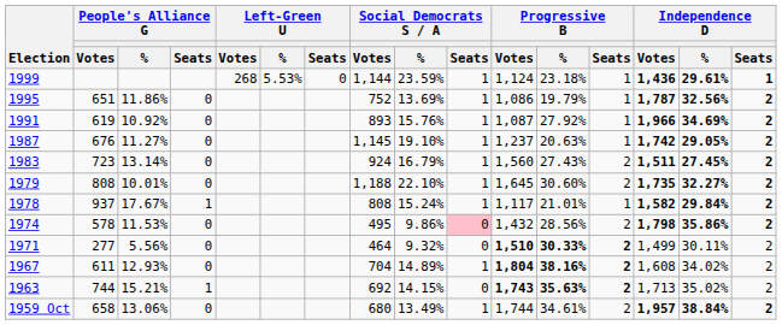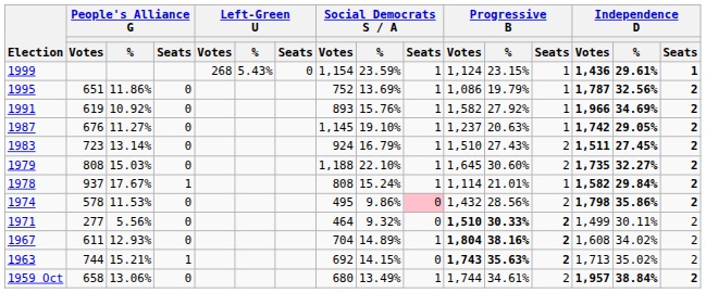 <table class="wikitable" border="1" style="font-size:100%; text-align:right;">
 <tr>
 <th style="text-align:left;" valign=bottom rowspan=3>Election</th>
 <th valign=bottom colspan=3><a href='#'>People's Alliance</a><br>G</th>
 <th valign=bottom colspan=3><a href='#'>Left-Green</a><br>U</th>
 <th valign=bottom colspan=3><a href='#'>Social Democrats</a><br>S / A</th>
 <th valign=bottom colspan=3><a href='#'>Progressive</a><br>B</th>
 <th valign=bottom colspan=3><a href='#'>Independence</a><br>D</th>
 </tr>
 <tr>
 <th colspan=3 style="background:"></th>
 <th colspan=3 style="background:"></th>
 <th colspan=3 style="background:"></th>
 <th colspan=3 style="background:"></th>
 <th colspan=3 style="background:"></th>
 </tr>
 <tr>
 <th>Votes</th>
 <th>%</th>
 <th>Seats</th>
 <th>Votes</th>
 <th>%</th>
 <th>Seats</th>
 <th>Votes</th>
 <th>%</th>
 <th>Seats</th>
 <th>Votes</th>
 <th>%</th>
 <th>Seats</th>
 <th>Votes</th>
 <th>%</th>
 <th>Seats</th>
 </tr>
 <tr>
 <td align=left><a href='#'>1999</a></td>
 <td></td>
 <td></td>
 <td></td>
 <td>268</td>
-<td>5.53%</td>
+<td>5.43%</td>
 <td>0</td>
-<td>1,144</td>
+<td>1,154</td>
 <td>23.59%</td>
 <td>1</td>
 <td>1,124</td>
-<td>23.18%</td>
+<td>23.15%</td>
 <td>1</td>
 <td><strong>1,436</strong></td>
 <td><strong>29.61%</strong></td>
 <td><strong>1</strong></td>
 </tr>
 <tr>
 <td align=left><a href='#'>1995</a></td>
 <td>651</td>
 <td>11.86%</td>
 <td>0</td>
 <td></td>
 <td></td>
 <td></td>
 <td>752</td>
 <td>13.69%</td>
 <td>1</td>
 <td>1,086</td>
 <td>19.79%</td>
 <td>1</td>
 <td><strong>1,787</strong></td>
 <td><strong>32.56%</strong></td>
 <td><strong>2</strong></td>
 </tr>
 <tr>
 <td align=left><a href='#'>1991</a></td>
 <td>619</td>
 <td>10.92%</td>
 <td>0</td>
 <td></td>
 <td></td>
 <td></td>
 <td>893</td>
 <td>15.76%</td>
 <td>1</td>
-<td>1,087</td>
+<td>1,582</td>
 <td>27.92%</td>
 <td>1</td>
 <td><strong>1,966</strong></td>
 <td><strong>34.69%</strong></td>
 <td><strong>2</strong></td>
 </tr>
 <tr>
 <td align=left><a href='#'>1987</a></td>
 <td>676</td>
 <td>11.27%</td>
 <td>0</td>
 <td></td>
 <td></td>
 <td></td>
 <td>1,145</td>
 <td>19.10%</td>
 <td>1</td>
 <td>1,237</td>
 <td>20.63%</td>
 <td>1</td>
 <td><strong>1,742</strong></td>
 <td><strong>29.05%</strong></td>
 <td><strong>2</strong></td>
 </tr>
 <tr>
 <td align=left><a href='#'>1983</a></td>
 <td>723</td>
 <td>13.14%</td>
 <td>0</td>
 <td></td>
 <td></td>
 <td></td>
 <td>924</td>
 <td>16.79%</td>
 <td>1</td>
-<td>1,560</td>
+<td>1,510</td>
 <td>27.43%</td>
 <td>2</td>
 <td><strong>1,511</strong></td>
 <td><strong>27.45%</strong></td>
 <td><strong>2</strong></td>
 </tr>
 <tr>
 <td align=left><a href='#'>1979</a></td>
 <td>808</td>
-<td>10.01%</td>
+<td>15.03%</td>
 <td>0</td>
 <td></td>
 <td></td>
 <td></td>
 <td>1,188</td>
 <td>22.10%</td>
 <td>1</td>
 <td>1,645</td>
 <td>30.60%</td>
 <td>2</td>
 <td><strong>1,735</strong></td>
 <td><strong>32.27%</strong></td>
 <td><strong>2</strong></td>
 </tr>
 <tr>
 <td align=left><a href='#'>1978</a></td>
 <td>937</td>
 <td>17.67%</td>
 <td>1</td>
 <td></td>
 <td></td>
 <td></td>
 <td>808</td>
 <td>15.24%</td>
 <td>1</td>
-<td>1,117</td>
+<td>1,114</td>
 <td>21.01%</td>
 <td>1</td>
 <td><strong>1,582</strong></td>
 <td><strong>29.84%</strong></td>
 <td><strong>2</strong></td>
 </tr>
 <tr>
 <td align=left><a href='#'>1974</a></td>
 <td>578</td>
 <td>11.53%</td>
 <td>0</td>
 <td></td>
 <td></td>
 <td></td>
 <td>495</td>
 <td>9.86%</td>
 <td style="background: pink;">0</td>
 <td>1,432</td>
 <td>28.56%</td>
 <td>2</td>
 <td><strong>1,798</strong></td>
 <td><strong>35.86%</strong></td>
 <td><strong>2</strong></td>
 </tr>
 <tr>
 <td align=left><a href='#'>1971</a></td>
 <td>277</td>
 <td>5.56%</td>
 <td>0</td>
 <td></td>
 <td></td>
 <td></td>
 <td>464</td>
 <td>9.32%</td>
 <td>0</td>
 <td><strong>1,510</strong></td>
 <td><strong>30.33%</strong></td>
 <td><strong>2</strong></td>
 <td>1,499</td>
 <td>30.11%</td>
 <td>2</td>
 </tr>
 <tr>
 <td align=left><a href='#'>1967</a></td>
 <td>611</td>
 <td>12.93%</td>
 <td>0</td>
 <td></td>
 <td></td>
 <td></td>
 <td>704</td>
 <td>14.89%</td>
 <td>1</td>
 <td><strong>1,804</strong></td>
 <td><strong>38.16%</strong></td>
 <td><strong>2</strong></td>
 <td>1,608</td>
 <td>34.02%</td>
 <td>2</td>
 </tr>
 <tr>
 <td align=left><a href='#'>1963</a></td>
 <td>744</td>
 <td>15.21%</td>
 <td>1</td>
 <td></td>
 <td></td>
 <td></td>
 <td>692</td>
 <td>14.15%</td>
 <td>0</td>
 <td><strong>1,743</strong></td>
 <td><strong>35.63%</strong></td>
 <td><strong>2</strong></td>
 <td>1,713</td>
 <td>35.02%</td>
 <td>2</td>
 </tr>
 <tr>
 <td align=left><a href='#'>1959 Oct</a></td>
 <td>658</td>
 <td>13.06%</td>
 <td>0</td>
 <td></td>
 <td></td>
 <td></td>
 <td>680</td>
 <td>13.49%</td>
 <td>1</td>
 <td>1,744</td>
 <td>34.61%</td>
 <td>2</td>
 <td><strong>1,957</strong></td>
 <td><strong>38.84%</strong></td>
 <td><strong>2</strong></td>
 </tr>
 </table>
